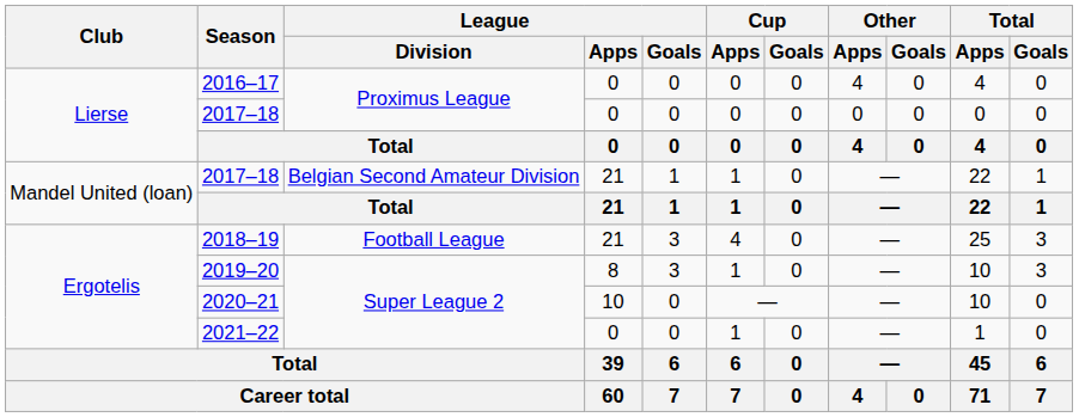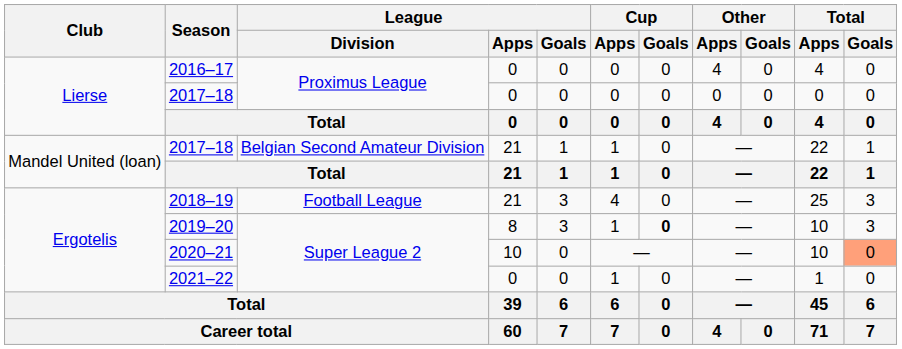 <table class="wikitable" style="text-align: center">
 <tr>
 <th rowspan="2">Club</th>
 <th rowspan="2">Season</th>
 <th colspan="3">League</th>
 <th colspan="2">Cup</th>
 <th colspan="2">Other</th>
 <th colspan="2">Total</th>
 </tr>
 <tr>
 <th>Division</th>
 <th>Apps</th>
 <th>Goals</th>
 <th>Apps</th>
 <th>Goals</th>
 <th>Apps</th>
 <th>Goals</th>
 <th>Apps</th>
 <th>Goals</th>
 </tr>
 <tr>
 <td rowspan="3"><a href='#'>Lierse</a></td>
 <td><a href='#'>2016–17</a></td>
 <td rowspan="2"><a href='#'>Proximus League</a></td>
 <td>0</td>
 <td>0</td>
 <td>0</td>
 <td>0</td>
 <td>4</td>
 <td>0</td>
 <td>4</td>
 <td>0</td>
 </tr>
 <tr>
 <td><a href='#'>2017–18</a></td>
 <td>0</td>
 <td>0</td>
 <td>0</td>
 <td>0</td>
 <td>0</td>
 <td>0</td>
 <td>0</td>
 <td>0</td>
 </tr>
 <tr>
 <th colspan="2"><strong>Total</strong></th>
 <th>0</th>
 <th>0</th>
 <th>0</th>
 <th>0</th>
 <th>4</th>
 <th>0</th>
 <th>4</th>
 <th>0</th>
 </tr>
 <tr>
 <td rowspan="2">Mandel United (loan)</td>
 <td><a href='#'>2017–18</a></td>
 <td><a href='#'>Belgian Second Amateur Division</a></td>
 <td>21</td>
 <td>1</td>
 <td>1</td>
 <td>0</td>
 <td colspan=2>—</td>
 <td>22</td>
 <td>1</td>
 </tr>
 <tr>
 <th colspan="2"><strong>Total</strong></th>
 <th>21</th>
 <th>1</th>
 <th>1</th>
 <th>0</th>
 <th colspan=2>—</th>
 <th>22</th>
 <th>1</th>
 </tr>
 <tr>
 <td rowspan="4"><a href='#'>Ergotelis</a></td>
 <td><a href='#'>2018–19</a></td>
 <td><a href='#'>Football League</a></td>
 <td>21</td>
 <td>3</td>
 <td>4</td>
 <td>0</td>
 <td colspan=2>—</td>
 <td>25</td>
 <td>3</td>
 </tr>
 <tr>
 <td><a href='#'>2019–20</a></td>
 <td rowspan="3"><a href='#'>Super League 2</a></td>
 <td>8</td>
 <td>3</td>
 <td>1</td>
-<td>0</td>
+<td><strong>0</strong></td>
 <td colspan=2>—</td>
 <td>10</td>
 <td>3</td>
 </tr>
 <tr>
 <td><a href='#'>2020–21</a></td>
 <td>10</td>
 <td>0</td>
 <td colspan=2>—</td>
 <td colspan=2>—</td>
 <td>10</td>
-<td>0</td>
+<td style="background: lightsalmon;">0</td>
 </tr>
 <tr>
 <td><a href='#'>2021–22</a></td>
 <td>0</td>
 <td>0</td>
 <td>1</td>
 <td>0</td>
 <td colspan=2>—</td>
 <td>1</td>
 <td>0</td>
 </tr>
 <tr>
 <th colspan="3"><strong>Total</strong></th>
 <th>39</th>
 <th>6</th>
 <th>6</th>
 <th>0</th>
 <th colspan=2>—</th>
 <th>45</th>
 <th>6</th>
 </tr>
 <tr>
 <th colspan=3>Career total</th>
 <th>60</th>
 <th>7</th>
 <th>7</th>
 <th>0</th>
 <th>4</th>
 <th>0</th>
 <th>71</th>
 <th>7</th>
 </tr>
 </table>
